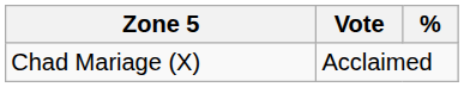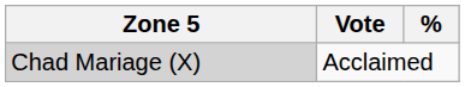 <table class="wikitable">
 <tr>
 <th bgcolor="#DDDDFF" width="200px">Zone 5</th>
 <th bgcolor="#DDDDFF" width="50px">Vote</th>
 <th bgcolor="#DDDDFF" width="30px">%</th>
 </tr>
 <tr>
-<td>Chad Mariage (X)</td>
+<td style="background: lightgrey;">Chad Mariage (X)</td>
 <td colspan="2">Acclaimed</td>
 </tr>
 </table>
